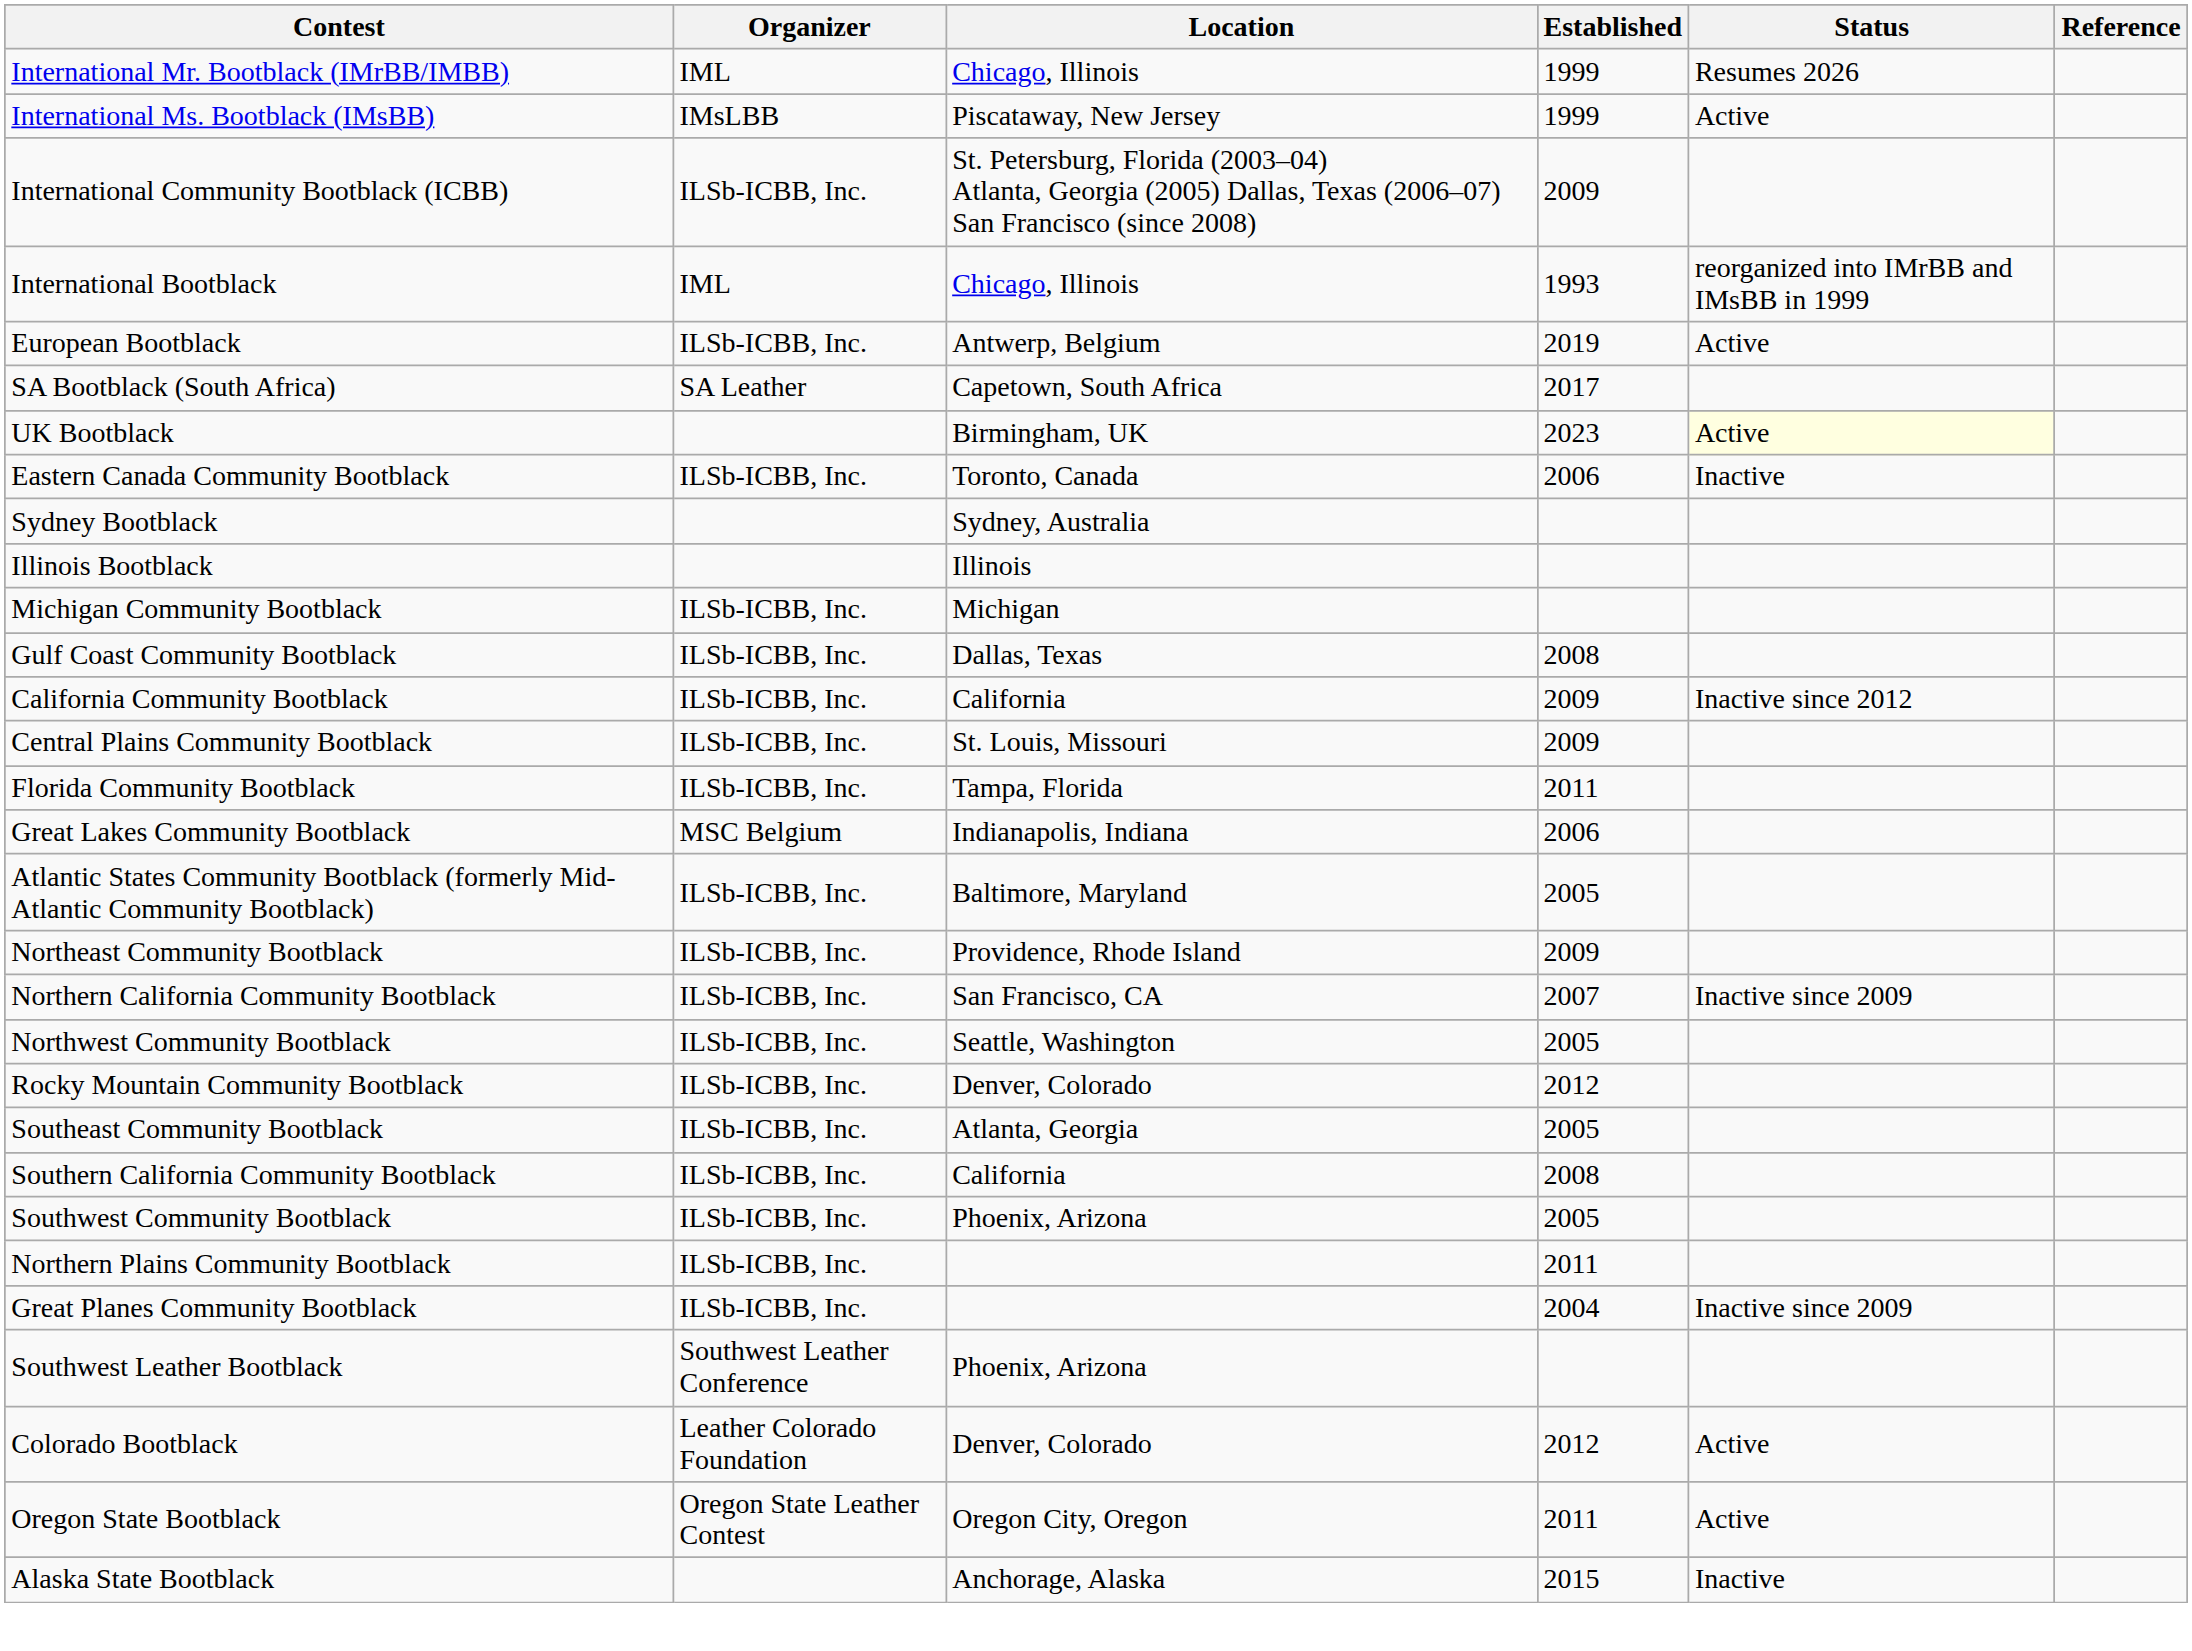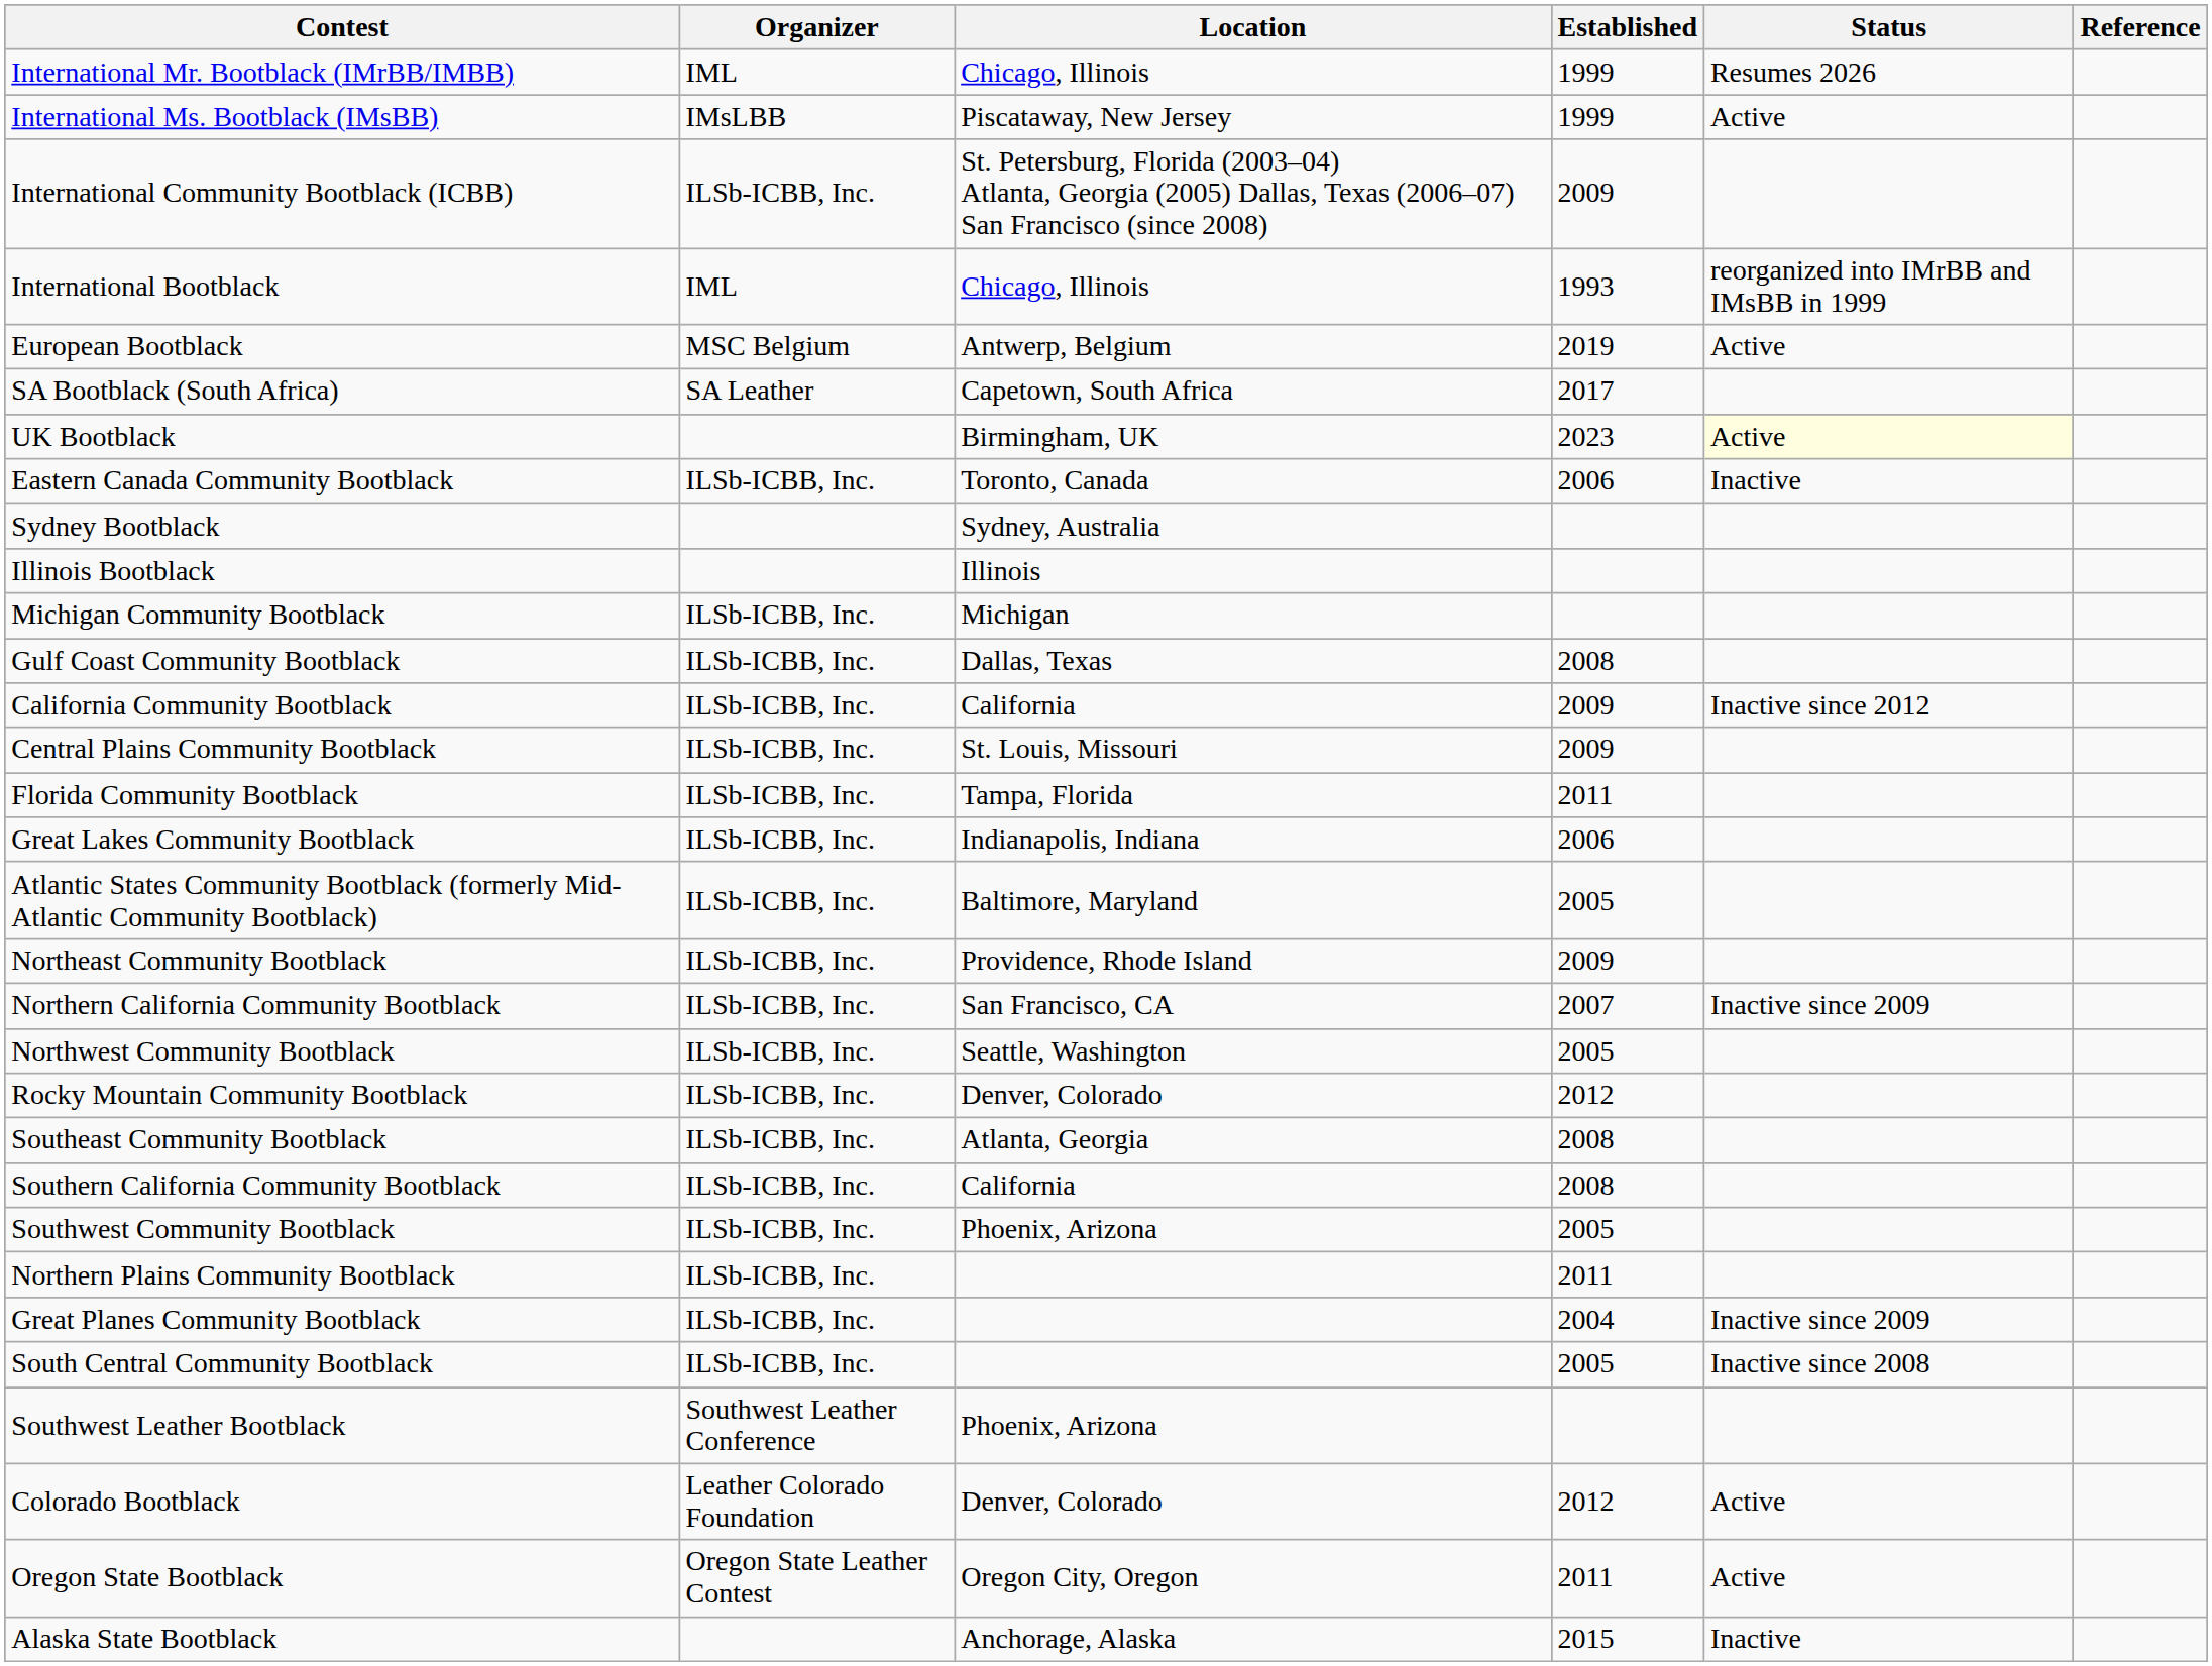 <table class="wikitable sortable mw-collapsible">
 <tr>
 <th>Contest</th>
 <th>Organizer</th>
 <th>Location</th>
 <th>Established</th>
 <th>Status</th>
 <th>Reference</th>
 </tr>
 <tr>
 <td><a href='#'>International Mr. Bootblack (IMrBB/IMBB)</a></td>
 <td>IML</td>
 <td><a href='#'>Chicago</a>, Illinois</td>
 <td>1999</td>
 <td>Resumes 2026</td>
 <td></td>
 </tr>
 <tr>
 <td><a href='#'>International Ms. Bootblack (IMsBB)</a></td>
 <td>IMsLBB</td>
 <td>Piscataway, New Jersey</td>
 <td>1999</td>
 <td>Active</td>
 <td></td>
 </tr>
 <tr>
 <td>International Community Bootblack (ICBB)</td>
 <td>ILSb-ICBB, Inc.  </td>
 <td>St. Petersburg, Florida  (2003–04)<br>Atlanta, Georgia (2005) Dallas, Texas (2006–07) San Francisco (since 2008)</td>
 <td>2009</td>
 <td></td>
 <td></td>
 </tr>
 <tr>
 <td>International Bootblack</td>
 <td>IML</td>
 <td><a href='#'>Chicago</a>, Illinois</td>
 <td>1993</td>
 <td>reorganized into IMrBB and IMsBB in 1999</td>
 <td></td>
 </tr>
 <tr>
 <td>European Bootblack</td>
-<td>ILSb-ICBB, Inc.  </td>
+<td>MSC Belgium</td>
 <td>Antwerp, Belgium</td>
 <td>2019</td>
 <td>Active</td>
 <td></td>
 </tr>
 <tr>
 <td>SA Bootblack (South Africa)</td>
 <td>SA Leather</td>
 <td>Capetown, South Africa</td>
 <td>2017</td>
 <td></td>
 <td></td>
 </tr>
 <tr>
 <td>UK Bootblack</td>
 <td></td>
 <td>Birmingham, UK</td>
 <td>2023</td>
 <td style="background: lightyellow;">Active</td>
 <td></td>
 </tr>
 <tr>
 <td>Eastern Canada Community  Bootblack</td>
 <td>ILSb-ICBB, Inc.  </td>
 <td>Toronto, Canada</td>
 <td>2006</td>
 <td>Inactive</td>
 <td></td>
 </tr>
 <tr>
 <td>Sydney Bootblack</td>
 <td></td>
 <td>Sydney, Australia</td>
 <td></td>
 <td></td>
 <td></td>
 </tr>
 <tr>
 <td>Illinois Bootblack</td>
 <td></td>
 <td>Illinois</td>
 <td></td>
 <td></td>
 <td></td>
 </tr>
 <tr>
 <td>Michigan Community  Bootblack</td>
 <td>ILSb-ICBB, Inc.  </td>
 <td>Michigan</td>
 <td></td>
 <td></td>
 <td></td>
 </tr>
 <tr>
 <td>Gulf Coast Community Bootblack</td>
 <td>ILSb-ICBB, Inc.  </td>
 <td>Dallas, Texas</td>
 <td>2008</td>
 <td></td>
 <td></td>
 </tr>
 <tr>
 <td>California Community Bootblack</td>
 <td>ILSb-ICBB, Inc.  </td>
 <td>California</td>
 <td>2009</td>
 <td>Inactive since 2012</td>
 <td></td>
 </tr>
 <tr>
 <td>Central Plains Community  Bootblack</td>
 <td>ILSb-ICBB, Inc.  </td>
 <td>St. Louis, Missouri</td>
 <td>2009</td>
 <td></td>
 <td></td>
 </tr>
 <tr>
 <td>Florida Community Bootblack</td>
 <td>ILSb-ICBB, Inc.  </td>
 <td>Tampa, Florida</td>
 <td>2011</td>
 <td></td>
 <td></td>
 </tr>
 <tr>
 <td>Great Lakes Community  Bootblack</td>
-<td>MSC Belgium</td>
+<td>ILSb-ICBB, Inc.  </td>
 <td>Indianapolis, Indiana</td>
 <td>2006</td>
 <td></td>
 <td></td>
 </tr>
 <tr>
 <td>Atlantic States Community Bootblack (formerly Mid-Atlantic Community  Bootblack)</td>
 <td>ILSb-ICBB, Inc.  </td>
 <td>Baltimore, Maryland</td>
 <td>2005</td>
 <td></td>
 <td></td>
 </tr>
 <tr>
 <td>Northeast Community  Bootblack</td>
 <td>ILSb-ICBB, Inc.  </td>
 <td>Providence,  Rhode Island</td>
 <td>2009</td>
 <td></td>
 <td></td>
 </tr>
 <tr>
 <td>Northern California Community Bootblack</td>
 <td>ILSb-ICBB, Inc.  </td>
 <td>San Francisco, CA</td>
 <td>2007</td>
 <td>Inactive since 2009</td>
 <td></td>
 </tr>
 <tr>
 <td>Northwest Community Bootblack</td>
 <td>ILSb-ICBB, Inc.  </td>
 <td>Seattle,  Washington</td>
 <td>2005</td>
 <td></td>
 <td></td>
 </tr>
 <tr>
 <td>Rocky Mountain Community Bootblack</td>
 <td>ILSb-ICBB, Inc.  </td>
 <td>Denver, Colorado</td>
 <td>2012</td>
 <td></td>
 <td></td>
 </tr>
 <tr>
 <td>Southeast Community Bootblack</td>
 <td>ILSb-ICBB, Inc.  </td>
 <td>Atlanta, Georgia</td>
-<td>2005</td>
+<td>2008</td>
 <td></td>
 <td></td>
 </tr>
 <tr>
 <td>Southern California Community Bootblack</td>
 <td>ILSb-ICBB, Inc.  </td>
 <td>California</td>
 <td>2008</td>
 <td></td>
 <td></td>
 </tr>
 <tr>
 <td>Southwest Community Bootblack</td>
 <td>ILSb-ICBB, Inc.  </td>
 <td>Phoenix, Arizona</td>
 <td>2005</td>
 <td></td>
 <td></td>
 </tr>
 <tr>
 <td>Northern Plains Community Bootblack</td>
 <td>ILSb-ICBB, Inc.  </td>
 <td></td>
 <td>2011</td>
 <td></td>
 <td></td>
 </tr>
 <tr>
 <td>Great Planes Community Bootblack</td>
 <td>ILSb-ICBB, Inc.  </td>
 <td></td>
 <td>2004</td>
 <td>Inactive since 2009</td>
 <td></td>
 </tr>
 <tr>
+<td>South Central Community Bootblack</td>
+<td>ILSb-ICBB, Inc.  </td>
+<td></td>
+<td>2005</td>
+<td>Inactive since 2008</td>
+<td></td>
+</tr>
+<tr>
 <td>Southwest Leather Bootblack</td>
 <td>Southwest Leather Conference</td>
 <td>Phoenix, Arizona</td>
 <td></td>
 <td></td>
 <td></td>
 </tr>
 <tr>
 <td>Colorado Bootblack</td>
 <td>Leather Colorado Foundation</td>
 <td>Denver, Colorado</td>
 <td>2012</td>
 <td>Active</td>
 <td> </td>
 </tr>
 <tr>
 <td>Oregon State  Bootblack</td>
 <td>Oregon State Leather Contest</td>
 <td>Oregon City, Oregon</td>
 <td>2011</td>
 <td>Active</td>
 <td> </td>
 </tr>
 <tr>
 <td>Alaska State Bootblack</td>
 <td></td>
 <td>Anchorage, Alaska</td>
 <td>2015</td>
 <td>Inactive</td>
 <td></td>
 </tr>
 </table>
